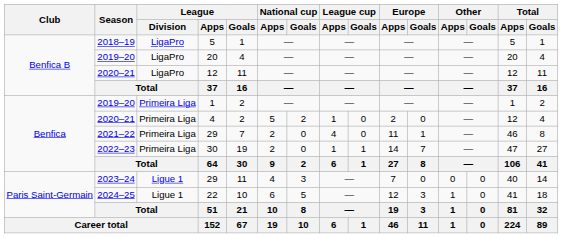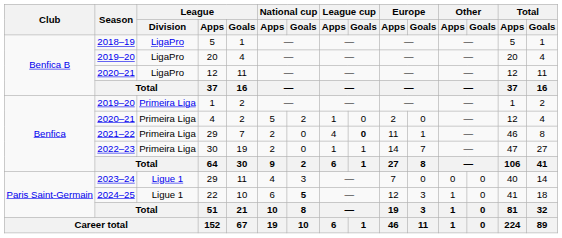 <table class="wikitable" style="text-align:center">
 <tr>
 <th rowspan="2">Club</th>
 <th rowspan="2">Season</th>
 <th colspan="3">League</th>
 <th colspan="2">National cup</th>
 <th colspan="2">League cup</th>
 <th colspan="2">Europe</th>
 <th colspan="2">Other</th>
 <th colspan="2">Total</th>
 </tr>
 <tr>
 <th>Division</th>
 <th>Apps</th>
 <th>Goals</th>
 <th>Apps</th>
 <th>Goals</th>
 <th>Apps</th>
 <th>Goals</th>
 <th>Apps</th>
 <th>Goals</th>
 <th>Apps</th>
 <th>Goals</th>
 <th>Apps</th>
 <th>Goals</th>
 </tr>
 <tr>
 <td rowspan="4"><a href='#'>Benfica B</a></td>
 <td><a href='#'>2018–19</a></td>
 <td><a href='#'>LigaPro</a></td>
 <td>5</td>
 <td>1</td>
 <td colspan="2">—</td>
 <td colspan="2">—</td>
 <td colspan="2">—</td>
 <td colspan="2">—</td>
 <td>5</td>
 <td>1</td>
 </tr>
 <tr>
 <td><a href='#'>2019–20</a></td>
 <td>LigaPro</td>
 <td>20</td>
 <td>4</td>
 <td colspan="2">—</td>
 <td colspan="2">—</td>
 <td colspan="2">—</td>
 <td colspan="2">—</td>
 <td>20</td>
 <td>4</td>
 </tr>
 <tr>
 <td><a href='#'>2020–21</a></td>
 <td>LigaPro</td>
 <td>12</td>
 <td>11</td>
 <td colspan="2">—</td>
 <td colspan="2">—</td>
 <td colspan="2">—</td>
 <td colspan="2">—</td>
 <td>12</td>
 <td>11</td>
 </tr>
 <tr>
 <th colspan="2">Total</th>
 <th>37</th>
 <th>16</th>
 <th colspan="2">—</th>
 <th colspan="2">—</th>
 <th colspan="2">—</th>
 <th colspan="2">—</th>
 <th>37</th>
 <th>16</th>
 </tr>
 <tr>
 <td rowspan="5"><a href='#'>Benfica</a></td>
 <td><a href='#'>2019–20</a></td>
 <td><a href='#'>Primeira Liga</a></td>
 <td>1</td>
 <td>2</td>
 <td colspan="2">—</td>
 <td colspan="2">—</td>
 <td colspan="2">—</td>
 <td colspan="2">—</td>
 <td>1</td>
 <td>2</td>
 </tr>
 <tr>
 <td><a href='#'>2020–21</a></td>
 <td>Primeira Liga</td>
 <td>4</td>
 <td>2</td>
 <td>5</td>
 <td>2</td>
 <td>1</td>
 <td>0</td>
 <td>2</td>
 <td>0</td>
 <td colspan="2">—</td>
 <td>12</td>
 <td>4</td>
 </tr>
 <tr>
 <td><a href='#'>2021–22</a></td>
 <td>Primeira Liga</td>
 <td>29</td>
 <td>7</td>
 <td>2</td>
 <td>0</td>
 <td>4</td>
-<td>0</td>
+<td><strong>0</strong></td>
 <td>11</td>
 <td>1</td>
 <td colspan="2">—</td>
 <td>46</td>
 <td>8</td>
 </tr>
 <tr>
 <td><a href='#'>2022–23</a></td>
 <td>Primeira Liga</td>
 <td>30</td>
 <td>19</td>
 <td>2</td>
 <td>0</td>
 <td>1</td>
 <td>1</td>
 <td>14</td>
 <td>7</td>
 <td colspan="2">—</td>
 <td>47</td>
 <td>27</td>
 </tr>
 <tr>
 <th colspan="2">Total</th>
 <th>64</th>
 <th>30</th>
 <th>9</th>
 <th>2</th>
 <th>6</th>
 <th>1</th>
 <th>27</th>
 <th>8</th>
 <th colspan="2">—</th>
 <th>106</th>
 <th>41</th>
 </tr>
 <tr>
 <td rowspan="3"><a href='#'>Paris Saint-Germain</a></td>
 <td><a href='#'>2023–24</a></td>
 <td><a href='#'>Ligue 1</a></td>
 <td>29</td>
 <td>11</td>
 <td>4</td>
 <td>3</td>
 <td colspan="2">—</td>
 <td>7</td>
 <td>0</td>
 <td>0</td>
 <td>0</td>
 <td>40</td>
 <td>14</td>
 </tr>
 <tr>
 <td><a href='#'>2024–25</a></td>
 <td>Ligue 1</td>
 <td>22</td>
 <td>10</td>
 <td>6</td>
-<td>5</td>
+<td><strong>5</strong></td>
 <td colspan="2">—</td>
 <td>12</td>
 <td>3</td>
 <td>1</td>
 <td>0</td>
 <td>41</td>
 <td>18</td>
 </tr>
 <tr>
 <th colspan="2">Total</th>
 <th>51</th>
 <th>21</th>
 <th>10</th>
 <th>8</th>
 <th colspan="2">—</th>
 <th>19</th>
 <th>3</th>
 <th>1</th>
 <th>0</th>
 <th>81</th>
 <th>32</th>
 </tr>
 <tr>
 <th colspan="3">Career total</th>
 <th>152</th>
 <th>67</th>
 <th>19</th>
 <th>10</th>
 <th>6</th>
 <th>1</th>
 <th>46</th>
 <th>11</th>
 <th>1</th>
 <th>0</th>
 <th>224</th>
 <th>89</th>
 </tr>
 </table>
